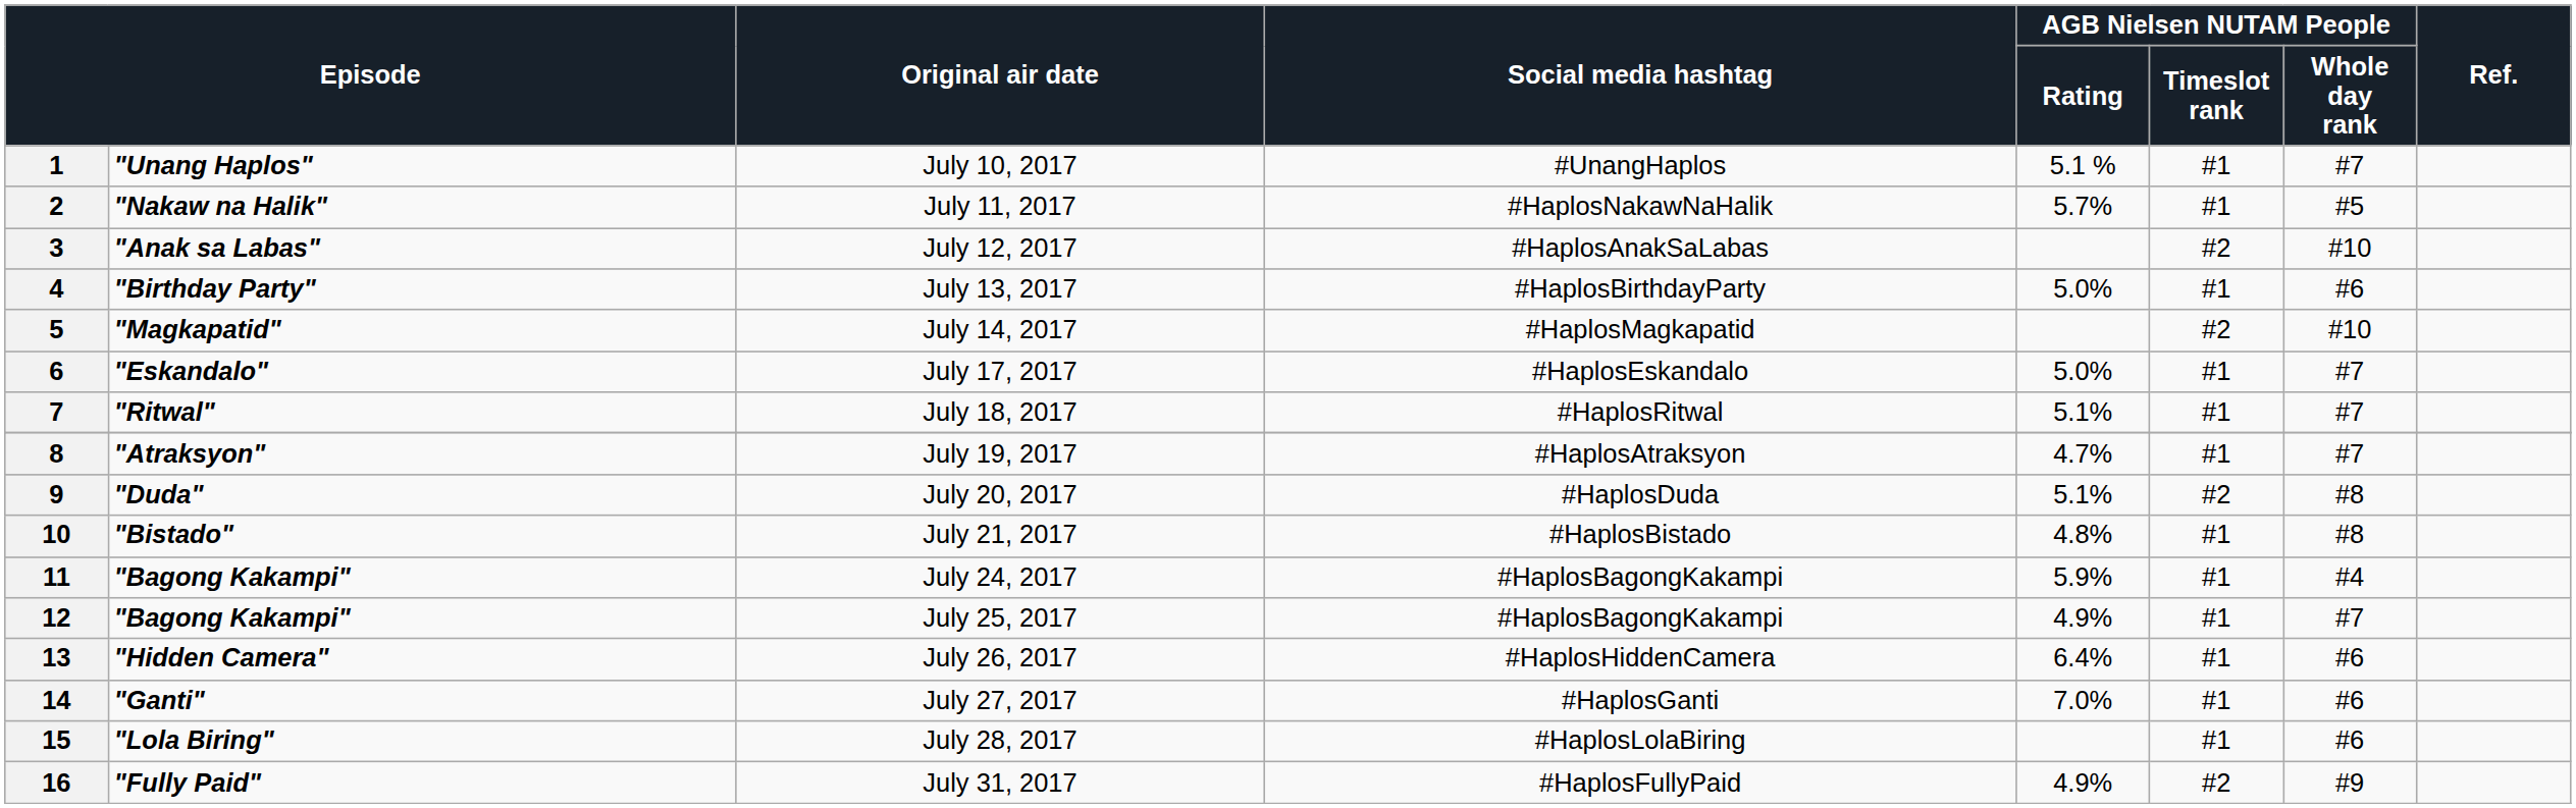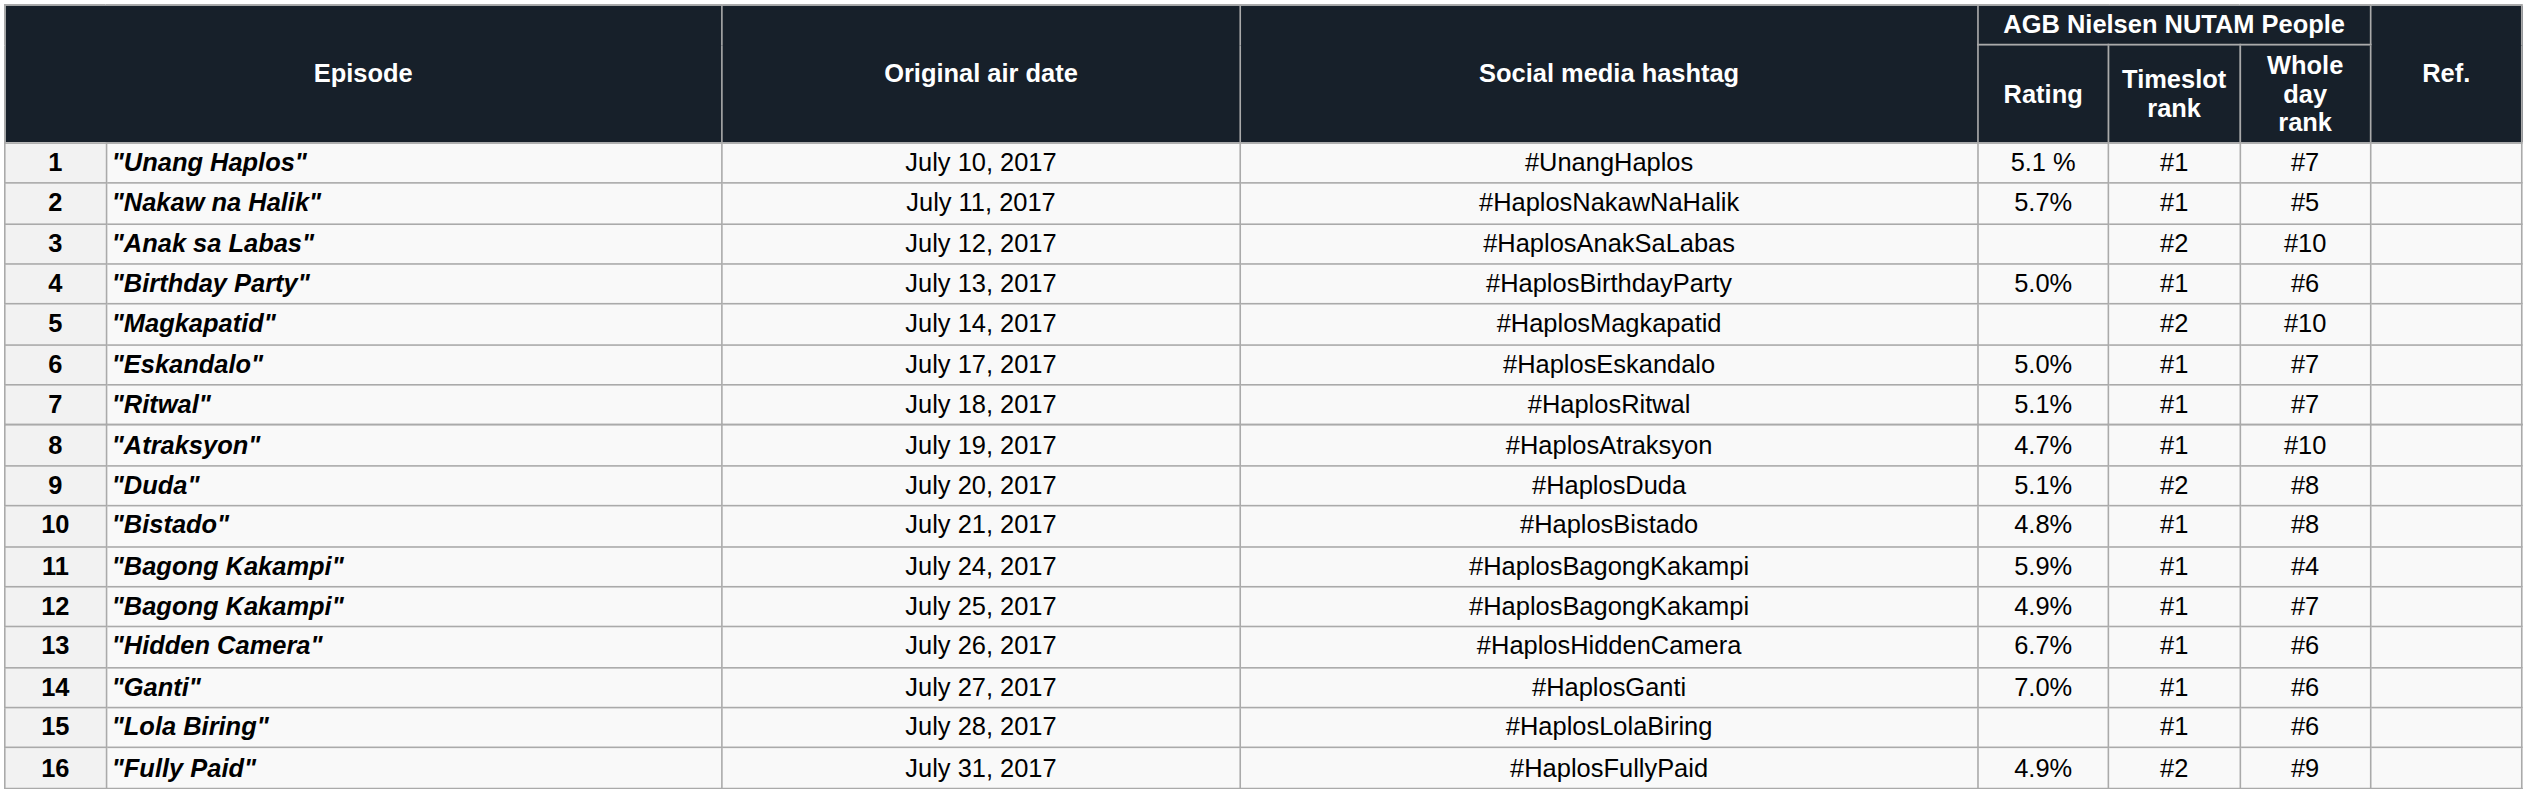 <table class="wikitable" style="text-align:center; font-size:100%; line-height:18px;"  width="100%">
 <tr>
 <th colspan="2" rowspan="2" style="background-color:#17202A; color:#ffffff;">Episode</th>
 <th style="background:#17202A; color:white" rowspan="2">Original air date</th>
 <th style="background:#17202A; color:white" rowspan="2">Social media hashtag</th>
 <th style="background-color:#17202A; color:#ffffff;" colspan="3">AGB Nielsen NUTAM People</th>
 <th style="background-color:#17202A; color:#ffffff;" rowspan="2">Ref.</th>
 </tr>
 <tr>
 <th style="background-color:#17202A; width:75px; color:#ffffff;">Rating</th>
 <th style="background-color:#17202A; width:75px; color:#ffffff;">Timeslot<br>rank</th>
 <th style="background-color:#17202A; width:75px; color:#ffffff;">Whole day<br>rank</th>
 </tr>
 <tr>
 <th>1</th>
 <td style="text-align: left;"><strong><em>"Unang Haplos"</em></strong></td>
 <td>July 10, 2017</td>
 <td>#UnangHaplos</td>
 <td>5.1 %</td>
 <td>#1</td>
 <td>#7</td>
 <td></td>
 </tr>
 <tr>
 <th>2</th>
 <td style="text-align: left;"><strong><em>"Nakaw na Halik"</em></strong></td>
 <td>July 11, 2017</td>
 <td>#HaplosNakawNaHalik</td>
 <td>5.7%</td>
 <td>#1</td>
 <td>#5</td>
 <td></td>
 </tr>
 <tr>
 <th>3</th>
 <td style="text-align: left;"><strong><em>"Anak sa Labas"</em></strong></td>
 <td>July 12, 2017</td>
 <td>#HaplosAnakSaLabas</td>
 <td></td>
 <td>#2</td>
 <td>#10</td>
 <td></td>
 </tr>
 <tr>
 <th>4</th>
 <td style="text-align: left;"><strong><em>"Birthday Party"</em></strong></td>
 <td>July 13, 2017</td>
 <td>#HaplosBirthdayParty</td>
 <td>5.0%</td>
 <td>#1</td>
 <td>#6</td>
 <td></td>
 </tr>
 <tr>
 <th>5</th>
 <td style="text-align: left;"><strong><em>"Magkapatid"</em></strong></td>
 <td>July 14, 2017</td>
 <td>#HaplosMagkapatid</td>
 <td></td>
 <td>#2</td>
 <td>#10</td>
 <td></td>
 </tr>
 <tr>
 <th>6</th>
 <td style="text-align: left;"><strong><em>"Eskandalo"</em></strong></td>
 <td>July 17, 2017</td>
 <td>#HaplosEskandalo</td>
 <td>5.0%</td>
 <td>#1</td>
 <td>#7</td>
 <td></td>
 </tr>
 <tr>
 <th>7</th>
 <td style="text-align: left;"><strong><em>"Ritwal"</em></strong></td>
 <td>July 18, 2017</td>
 <td>#HaplosRitwal</td>
 <td>5.1%</td>
 <td>#1</td>
 <td>#7</td>
 <td></td>
 </tr>
 <tr>
 </tr>
 <tr>
 <th>8</th>
 <td style="text-align: left;"><strong><em>"Atraksyon"</em></strong></td>
 <td>July 19, 2017</td>
 <td>#HaplosAtraksyon</td>
 <td>4.7%</td>
 <td>#1</td>
-<td>#7</td>
+<td>#10</td>
 <td></td>
 </tr>
 <tr>
 <th>9</th>
 <td style="text-align: left;"><strong><em>"Duda"</em></strong></td>
 <td>July 20, 2017</td>
 <td>#HaplosDuda</td>
 <td>5.1%</td>
 <td>#2</td>
 <td>#8</td>
 <td></td>
 </tr>
 <tr>
 <th>10</th>
 <td style="text-align: left;"><strong><em>"Bistado"</em></strong></td>
 <td>July 21, 2017</td>
 <td>#HaplosBistado</td>
 <td>4.8%</td>
 <td>#1</td>
 <td>#8</td>
 <td></td>
 </tr>
 <tr>
 <th>11</th>
 <td style="text-align: left; "><strong><em>"Bagong Kakampi"</em></strong></td>
 <td>July 24, 2017</td>
 <td>#HaplosBagongKakampi</td>
 <td>5.9%</td>
 <td>#1</td>
 <td>#4</td>
 <td></td>
 </tr>
 <tr>
 <th>12</th>
 <td style="text-align: left; "><strong><em>"Bagong Kakampi"</em></strong></td>
 <td>July 25, 2017</td>
 <td>#HaplosBagongKakampi</td>
 <td>4.9%</td>
 <td>#1</td>
 <td>#7</td>
 <td></td>
 </tr>
 <tr>
 <th>13</th>
 <td style="text-align: left; "><strong><em>"Hidden Camera"</em></strong></td>
 <td>July 26, 2017</td>
 <td>#HaplosHiddenCamera</td>
-<td>6.4%</td>
+<td>6.7%</td>
 <td>#1</td>
 <td>#6</td>
 <td></td>
 </tr>
 <tr>
 <th>14</th>
 <td style="text-align: left; "><strong><em>"Ganti"</em></strong></td>
 <td>July 27, 2017</td>
 <td>#HaplosGanti</td>
 <td>7.0%</td>
 <td>#1</td>
 <td>#6</td>
 <td></td>
 </tr>
 <tr>
 <th>15</th>
 <td style="text-align: left; "><strong><em>"Lola Biring"</em></strong></td>
 <td>July 28, 2017</td>
 <td>#HaplosLolaBiring</td>
 <td></td>
 <td>#1</td>
 <td>#6</td>
 <td></td>
 </tr>
 <tr>
 <th>16</th>
 <td style="text-align: left; "><strong><em>"Fully Paid"</em></strong></td>
 <td>July 31, 2017</td>
 <td>#HaplosFullyPaid</td>
 <td>4.9%</td>
 <td>#2</td>
 <td>#9</td>
 <td></td>
 </tr>
 <tr>
 </tr>
 </table>
